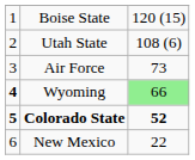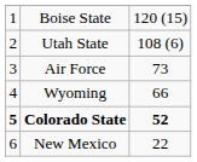 <table class="wikitable" style="display: inline-table;">
 <tr align="center">
 </tr>
 <tr align="center">
 <td>1</td>
 <td>Boise State</td>
 <td>120 (15)</td>
 </tr>
 <tr align="center">
 <td>2</td>
 <td>Utah State</td>
 <td>108 (6)</td>
 </tr>
 <tr align="center">
 <td>3</td>
 <td>Air Force</td>
 <td>73</td>
 </tr>
 <tr align="center">
-<td><strong>4</strong></td>
+<td>4</td>
 <td>Wyoming</td>
-<td style="background: lightgreen;">66</td>
+<td>66</td>
 </tr>
 <tr align="center">
 <td><strong>5</strong></td>
 <td><strong>Colorado State</strong></td>
 <td><strong>52</strong></td>
 </tr>
 <tr align="center">
 <td>6</td>
 <td>New Mexico</td>
 <td>22</td>
 </tr>
 </table>
